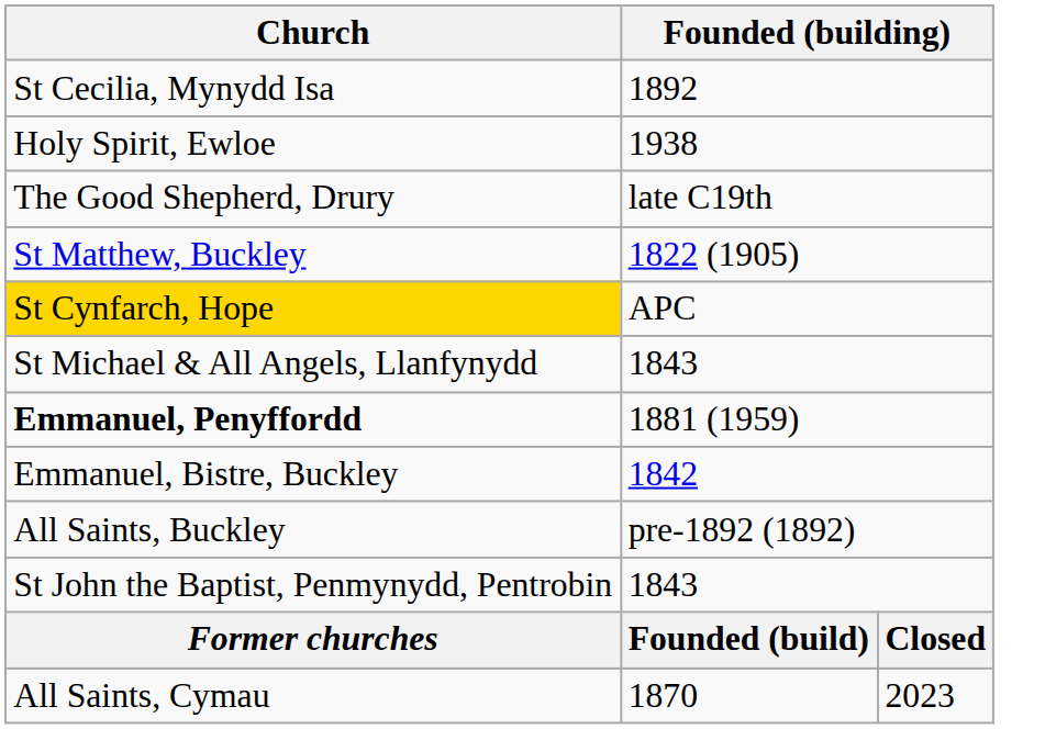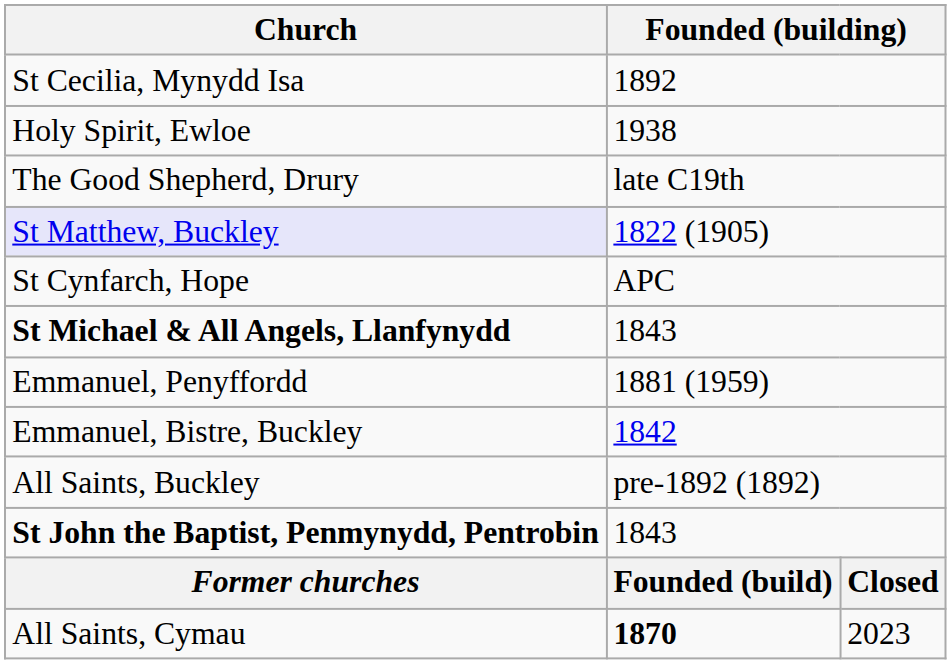 <table class="wikitable">
 <tr>
 <th>Church</th>
 <th colspan="2">Founded (building)</th>
 </tr>
 <tr>
 <td>St Cecilia, Mynydd Isa</td>
 <td colspan="2">1892</td>
 </tr>
 <tr>
 <td>Holy Spirit, Ewloe</td>
 <td colspan="2">1938</td>
 </tr>
 <tr>
 <td>The Good Shepherd, Drury</td>
 <td colspan="2">late C19th</td>
 </tr>
 <tr>
-<td><a href='#'>St Matthew, Buckley</a></td>
+<td style="background: lavender;"><a href='#'>St Matthew, Buckley</a></td>
 <td colspan="2"><a href='#'>1822</a> (1905)</td>
 </tr>
 <tr>
-<td style="background: gold;">St Cynfarch, Hope</td>
+<td>St Cynfarch, Hope</td>
 <td colspan="2">APC</td>
 </tr>
 <tr>
-<td>St Michael & All Angels, Llanfynydd</td>
+<td><strong>St Michael & All Angels, Llanfynydd</strong></td>
 <td colspan="2">1843</td>
 </tr>
 <tr>
-<td><strong>Emmanuel, Penyffordd</strong></td>
+<td>Emmanuel, Penyffordd</td>
 <td colspan="2">1881 (1959)</td>
 </tr>
 <tr>
 <td>Emmanuel, Bistre, Buckley</td>
 <td colspan="2"><a href='#'>1842</a></td>
 </tr>
 <tr>
 <td>All Saints, Buckley</td>
 <td colspan="2">pre-1892 (1892)</td>
 </tr>
 <tr>
-<td>St John the Baptist, Penmynydd, Pentrobin</td>
+<td><strong>St John the Baptist, Penmynydd, Pentrobin</strong></td>
 <td colspan="2">1843</td>
 </tr>
 <tr>
 <th><em>Former churches</em></th>
 <th>Founded (build)</th>
 <th>Closed</th>
 </tr>
 <tr>
 <td>All Saints, Cymau</td>
-<td>1870</td>
+<td><strong>1870</strong></td>
 <td>2023</td>
 </tr>
 </table>
